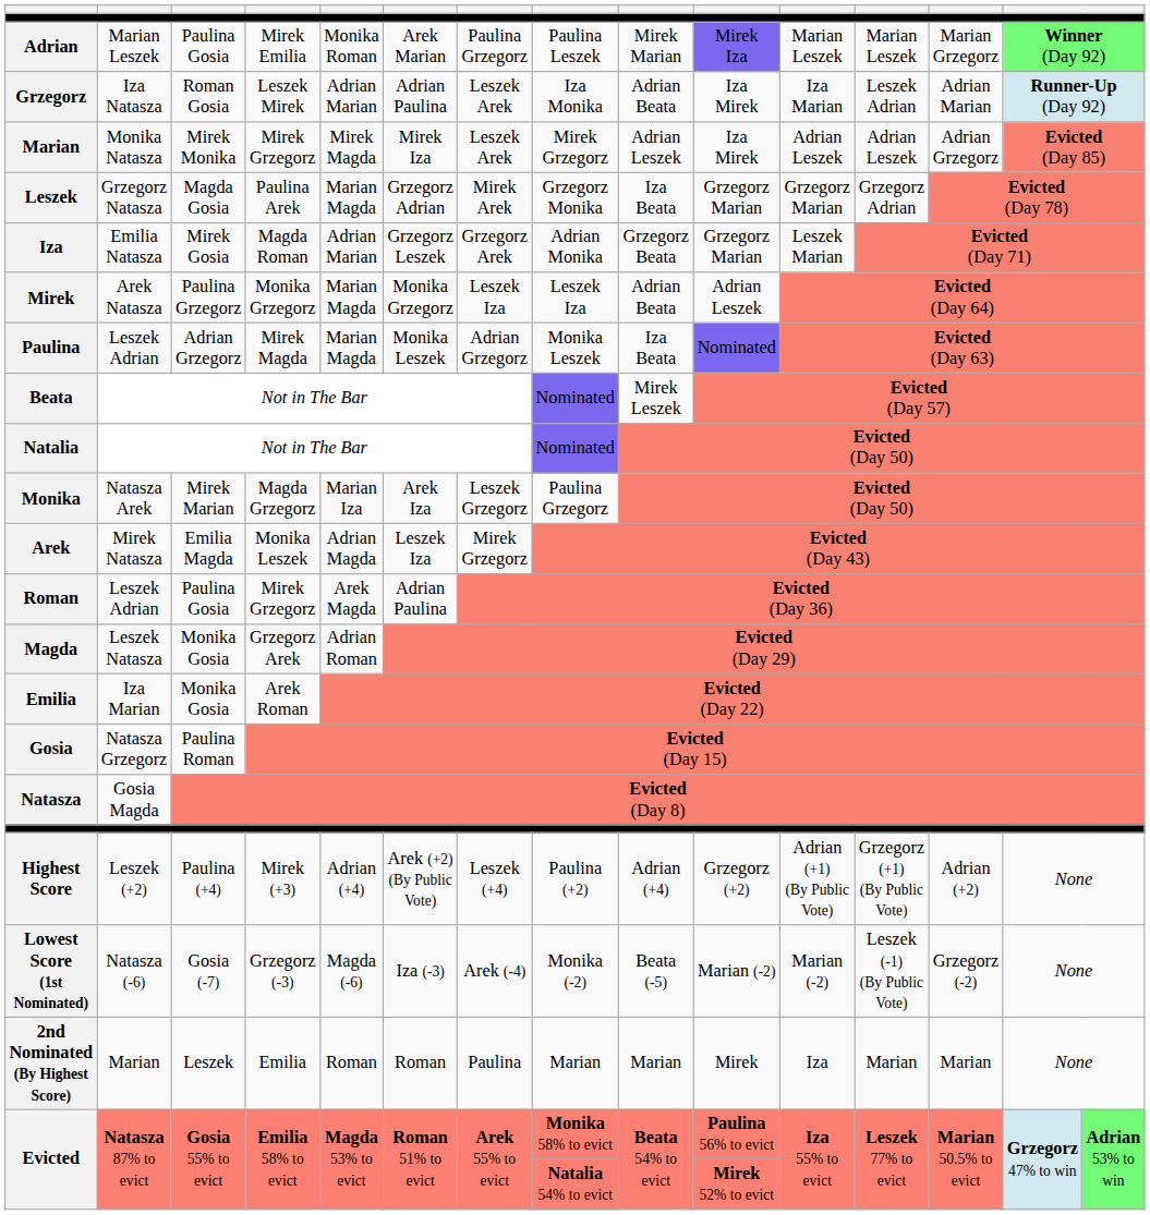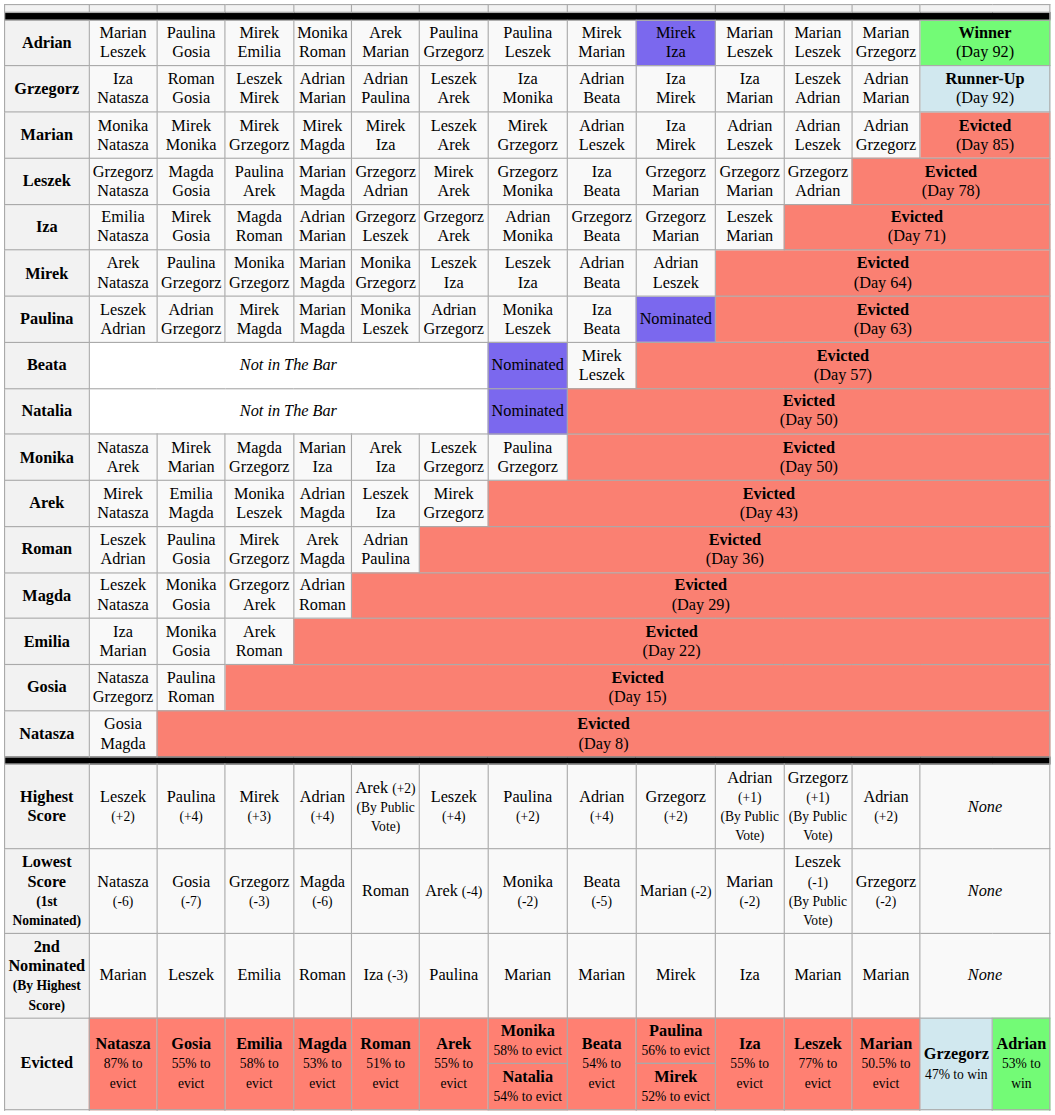 <table class="wikitable" style="font-size:90%; text-align:center; width: 96%; margin-left: auto; margin-right: auto;">
 <tr>
 <th></th>
 <th></th>
 <th></th>
 <th></th>
 <th></th>
 <th></th>
 <th></th>
 <th></th>
 <th></th>
 <th></th>
 <th></th>
 <th></th>
 <th></th>
 <th colspan=2></th>
 </tr>
 <tr>
 <th style="background:#000000;" colspan="15"></th>
 </tr>
 <tr>
 <th>Adrian</th>
 <td><span>Marian</span><br><span>Leszek</span></td>
 <td><span>Paulina</span><br><span>Gosia</span></td>
 <td><span>Mirek</span><br><span>Emilia</span></td>
 <td><span>Monika</span><br><span>Roman</span></td>
 <td><span>Arek</span><br><span>Marian</span></td>
 <td><span>Paulina</span><br><span>Grzegorz</span></td>
 <td><span>Paulina</span><br><span>Leszek</span></td>
 <td><span>Mirek</span><br><span>Marian</span></td>
 <td style="background:#7b68ee;"><span>Mirek</span><br><span>Iza</span></td>
 <td><span>Marian</span><br><span>Leszek</span></td>
 <td><span>Marian</span><br><span>Leszek</span></td>
 <td><span>Marian</span><br><span>Grzegorz</span></td>
 <td style="background:#73FB76" colspan=2><strong>Winner</strong> <br> (Day 92)</td>
 </tr>
 <tr>
 <th>Grzegorz</th>
 <td><span>Iza</span><br><span>Natasza</span></td>
 <td><span>Roman</span><br><span>Gosia</span></td>
 <td><span>Leszek</span><br><span>Mirek</span></td>
 <td><span>Adrian</span><br><span>Marian</span></td>
 <td><span>Adrian</span><br><span>Paulina</span></td>
 <td><span>Leszek</span><br><span>Arek</span></td>
 <td><span>Iza</span><br><span>Monika</span></td>
 <td><span>Adrian</span><br><span>Beata</span></td>
 <td><span>Iza</span><br><span>Mirek</span></td>
 <td><span>Iza</span><br><span>Marian</span></td>
 <td><span>Leszek</span><br><span>Adrian</span></td>
 <td><span>Adrian</span><br><span>Marian</span></td>
 <td style="background:#D1E8EF" colspan=2><strong>Runner-Up</strong> <br> (Day 92)</td>
 </tr>
 <tr>
 <th>Marian</th>
 <td><span>Monika</span><br><span>Natasza</span></td>
 <td><span>Mirek</span><br><span>Monika</span></td>
 <td><span>Mirek</span><br><span>Grzegorz</span></td>
 <td><span>Mirek</span><br><span>Magda</span></td>
 <td><span>Mirek</span><br><span>Iza</span></td>
 <td><span>Leszek</span><br><span>Arek</span></td>
 <td><span>Mirek</span><br><span>Grzegorz</span></td>
 <td><span>Adrian</span><br><span>Leszek</span></td>
 <td><span>Iza</span><br><span>Mirek</span></td>
 <td><span>Adrian</span><br><span>Leszek</span></td>
 <td><span>Adrian</span><br><span>Leszek</span></td>
 <td><span>Adrian</span><br><span>Grzegorz</span></td>
 <td style="background:salmon; text-align:center;" colspan=2><strong>Evicted</strong> <br> (Day 85)</td>
 </tr>
 <tr>
 <th>Leszek</th>
 <td><span>Grzegorz</span><br><span>Natasza</span></td>
 <td><span>Magda</span><br><span>Gosia</span></td>
 <td><span>Paulina</span><br><span>Arek</span></td>
 <td><span>Marian</span><br><span>Magda</span></td>
 <td><span>Grzegorz</span><br><span>Adrian</span></td>
 <td><span>Mirek</span><br><span>Arek</span></td>
 <td><span>Grzegorz</span><br><span>Monika</span></td>
 <td><span>Iza</span><br><span>Beata</span></td>
 <td><span>Grzegorz</span><br><span>Marian</span></td>
 <td><span>Grzegorz</span><br><span>Marian</span></td>
 <td><span>Grzegorz</span><br><span>Adrian</span></td>
 <td style="background:salmon; text-align:center;" colspan=3><strong>Evicted</strong> <br> (Day 78)</td>
 </tr>
 <tr>
 <th>Iza</th>
 <td><span>Emilia</span><br><span>Natasza</span></td>
 <td><span>Mirek</span><br><span>Gosia</span></td>
 <td><span>Magda</span><br><span>Roman</span></td>
 <td><span>Adrian</span><br><span>Marian</span></td>
 <td><span>Grzegorz</span><br><span>Leszek</span></td>
 <td><span>Grzegorz</span><br><span>Arek</span></td>
 <td><span>Adrian</span><br><span>Monika</span></td>
 <td><span>Grzegorz</span><br><span>Beata</span></td>
 <td><span>Grzegorz</span><br><span>Marian</span></td>
 <td><span>Leszek</span><br><span>Marian</span></td>
 <td style="background:salmon; text-align:center;" colspan=4><strong>Evicted</strong> <br> (Day 71)</td>
 </tr>
 <tr>
 <th>Mirek</th>
 <td><span>Arek</span><br><span>Natasza</span></td>
 <td><span>Paulina</span><br><span>Grzegorz</span></td>
 <td><span>Monika</span><br><span>Grzegorz</span></td>
 <td><span>Marian</span><br><span>Magda</span></td>
 <td><span>Monika</span><br><span>Grzegorz</span></td>
 <td><span>Leszek</span><br><span>Iza</span></td>
 <td><span>Leszek</span><br><span>Iza</span></td>
 <td><span>Adrian</span><br><span>Beata</span></td>
 <td><span>Adrian</span><br><span>Leszek</span></td>
 <td style="background:salmon; text-align:center;" colspan=5><strong>Evicted</strong> <br> (Day 64)</td>
 </tr>
 <tr>
 <th>Paulina</th>
 <td><span>Leszek</span><br><span>Adrian</span></td>
 <td><span>Adrian</span><br><span>Grzegorz</span></td>
 <td><span>Mirek</span><br><span>Magda</span></td>
 <td><span>Marian</span><br><span>Magda</span></td>
 <td><span>Monika</span><br><span>Leszek</span></td>
 <td><span>Adrian</span><br><span>Grzegorz</span></td>
 <td><span>Monika</span><br><span>Leszek</span></td>
 <td><span>Iza</span><br><span>Beata</span></td>
 <td style="background:#7b68ee;">Nominated</td>
 <td style="background:salmon; text-align:center;" colspan=5><strong>Evicted</strong> <br> (Day 63)</td>
 </tr>
 <tr>
 <th>Beata</th>
 <td style="background:white; text-align:center;" colspan="6"><em>Not in The Bar</em></td>
 <td style="background:#7b68ee;">Nominated</td>
 <td><span>Mirek</span><br><span>Leszek</span></td>
 <td style="background:salmon; text-align:center;" colspan=6><strong>Evicted</strong> <br> (Day 57)</td>
 </tr>
 <tr>
 <th>Natalia</th>
 <td style="background:white; text-align:center;" colspan="6"><em>Not in The Bar</em></td>
 <td style="background:#7b68ee;">Nominated</td>
 <td style="background:salmon; text-align:center;" colspan=7><strong>Evicted</strong> <br> (Day 50)</td>
 </tr>
 <tr>
 <th>Monika</th>
 <td><span>Natasza</span><br><span>Arek</span></td>
 <td><span>Mirek</span><br><span>Marian</span></td>
 <td><span>Magda</span><br><span>Grzegorz</span></td>
 <td><span>Marian</span><br><span>Iza</span></td>
 <td><span>Arek</span><br><span>Iza</span></td>
 <td><span>Leszek</span><br><span>Grzegorz</span></td>
 <td><span>Paulina</span><br><span>Grzegorz</span></td>
 <td style="background:salmon; text-align:center;" colspan=7><strong>Evicted</strong> <br> (Day 50)</td>
 </tr>
 <tr>
 <th>Arek</th>
 <td><span>Mirek</span><br><span>Natasza</span></td>
 <td><span>Emilia</span><br><span>Magda</span></td>
 <td><span>Monika</span><br><span>Leszek</span></td>
 <td><span>Adrian</span><br><span>Magda</span></td>
 <td><span>Leszek</span><br><span>Iza</span></td>
 <td><span>Mirek</span><br><span>Grzegorz</span></td>
 <td style="background:salmon; text-align:center;" colspan=8><strong>Evicted</strong> <br> (Day 43)</td>
 </tr>
 <tr>
 <th>Roman</th>
 <td><span>Leszek</span><br><span>Adrian</span></td>
 <td><span>Paulina</span><br><span>Gosia</span></td>
 <td><span>Mirek</span><br><span>Grzegorz</span></td>
 <td><span>Arek</span><br><span>Magda</span></td>
 <td><span>Adrian</span><br><span>Paulina</span></td>
 <td style="background:salmon; text-align:center;" colspan=9><strong>Evicted</strong> <br> (Day 36)</td>
 </tr>
 <tr>
 <th>Magda</th>
 <td><span>Leszek</span><br><span>Natasza</span></td>
 <td><span>Monika</span><br><span>Gosia</span></td>
 <td><span>Grzegorz</span><br><span>Arek</span></td>
 <td><span>Adrian</span><br><span>Roman</span></td>
 <td style="background:salmon; text-align:center;" colspan=10><strong>Evicted</strong> <br> (Day 29)</td>
 </tr>
 <tr>
 <th>Emilia</th>
 <td><span>Iza</span><br><span>Marian</span></td>
 <td><span>Monika</span><br><span>Gosia</span></td>
 <td><span>Arek</span><br><span>Roman</span></td>
 <td style="background:salmon; text-align:center;" colspan=11><strong>Evicted</strong> <br> (Day 22)</td>
 </tr>
 <tr>
 <th>Gosia</th>
 <td><span>Natasza</span><br><span>Grzegorz</span></td>
 <td><span>Paulina</span><br><span>Roman</span></td>
 <td style="background:salmon; text-align:center;" colspan=12><strong>Evicted</strong> <br> (Day 15)</td>
 </tr>
 <tr>
 <th>Natasza</th>
 <td><span>Gosia</span><br><span>Magda</span></td>
 <td style="background:salmon; text-align:center;" colspan=13><strong>Evicted</strong> <br> (Day 8)</td>
 </tr>
 <tr>
 <th style="background:#000000;" colspan="15"></th>
 </tr>
 <tr>
 <th>Highest Score</th>
 <td><span>Leszek <small>(+2)</small></span></td>
 <td><span>Paulina <small>(+4)</small></span></td>
 <td><span>Mirek <small>(+3)</small></span></td>
 <td><span>Adrian <small>(+4)</small></span></td>
 <td><span>Arek <small>(+2)<br>(By Public Vote)</small></span></td>
 <td><span>Leszek <small>(+4)</small></span></td>
 <td><span>Paulina <small>(+2)</small></span></td>
 <td><span>Adrian <small>(+4)</small></span></td>
 <td><span>Grzegorz <small>(+2)</small></span></td>
 <td><span>Adrian <small>(+1)<br>(By Public Vote)</small></span></td>
 <td><span>Grzegorz <small>(+1)<br>(By Public Vote)</small></span></td>
 <td><span>Adrian <small>(+2)</small></span></td>
 <td colspan=2><em>None</em></td>
 </tr>
 <tr>
 <th>Lowest Score<br><small>(1st Nominated)</small></th>
 <td><span>Natasza <small>(-6)</small></span></td>
 <td><span>Gosia <small>(-7)</small></span></td>
 <td><span>Grzegorz <small>(-3)</small></span></td>
 <td><span>Magda <small>(-6)</small></span></td>
-<td><span>Iza <small>(-3)</small></span></td>
+<td>Roman</td>
 <td><span>Arek <small>(-4)</small></span></td>
 <td><span>Monika <small>(-2)</small></span></td>
 <td><span>Beata <small>(-5)</small></span></td>
 <td><span>Marian <small>(-2)</small></span></td>
 <td><span>Marian <small>(-2)</small></span></td>
 <td><span>Leszek <small>(-1)<br>(By Public Vote)</small></span></td>
 <td><span>Grzegorz <small>(-2)</small></span></td>
 <td colspan=2><em>None</em></td>
 </tr>
 <tr>
 <th>2nd Nominated<br><small>(By Highest Score)</small></th>
 <td>Marian</td>
 <td>Leszek</td>
 <td>Emilia</td>
 <td>Roman</td>
-<td>Roman</td>
+<td><span>Iza <small>(-3)</small></span></td>
 <td>Paulina</td>
 <td>Marian</td>
 <td>Marian</td>
 <td>Mirek</td>
 <td>Iza</td>
 <td>Marian</td>
 <td>Marian</td>
 <td colspan=2><em>None</em></td>
 </tr>
 <tr>
 <th rowspan="4">Evicted</th>
 <td rowspan="4" style="background:#FF8072"><strong>Natasza</strong><br><small>87% to evict</small></td>
 <td rowspan="4" style="background:#FF8072"><strong>Gosia</strong><br><small>55% to evict</small></td>
 <td rowspan="4" style="background:#FF8072"><strong>Emilia</strong><br><small>58% to evict</small></td>
 <td rowspan="4" style="background:#FF8072"><strong>Magda</strong><br><small>53% to evict</small></td>
 <td rowspan="4" style="background:#FF8072"><strong>Roman</strong><br><small>51% to evict</small></td>
 <td rowspan="4" style="background:#FF8072"><strong>Arek</strong><br><small>55% to evict</small></td>
 <td rowspan="1" style="background:#FF8072"><strong>Monika</strong><br><small>58% to evict</small></td>
 <td rowspan="4" style="background:#FF8072"><strong>Beata</strong><br><small>54% to evict</small></td>
 <td rowspan="1" style="background:#FF8072"><strong>Paulina</strong><br><small>56% to evict</small></td>
 <td rowspan="4" style="background:#FF8072"><strong>Iza</strong><br><small>55% to evict</small></td>
 <td rowspan="4" style="background:#FF8072"><strong>Leszek</strong><br><small>77% to evict</small></td>
 <td rowspan="4" style="background:#FF8072"><strong>Marian</strong><br><small>50.5% to evict</small></td>
 <td rowspan="4" style="background:#D1E8EF"><strong>Grzegorz</strong><br><small>47% to win</small></td>
 <td rowspan="4" style="background:#73FB76"><strong>Adrian</strong><br><small>53% to win</small></td>
 </tr>
 <tr>
 <td rowspan="2" style="background:#FF8072"><strong>Natalia</strong><br><small>54% to evict</small></td>
 </tr>
 <tr>
 <td rowspan="2" style="background:#FF8072"><strong>Mirek</strong><br><small>52% to evict</small></td>
 </tr>
 <tr>
 </tr>
 </table>
